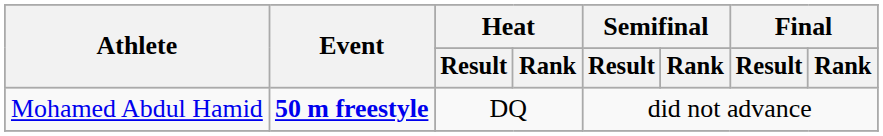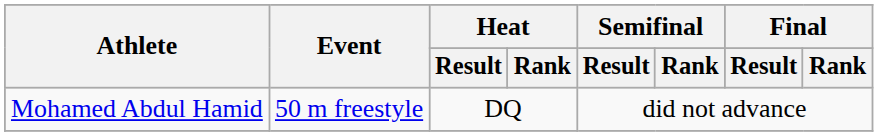 <table class="wikitable" style="font-size:90%">
 <tr>
 <th rowspan="2">Athlete</th>
 <th rowspan="2">Event</th>
 <th colspan="2">Heat</th>
 <th colspan="2">Semifinal</th>
 <th colspan="2">Final</th>
 </tr>
 <tr style="font-size:95%">
 <th>Result</th>
 <th>Rank</th>
 <th>Result</th>
 <th>Rank</th>
 <th>Result</th>
 <th>Rank</th>
 </tr>
 <tr align=center>
 <td align=left><a href='#'>Mohamed Abdul Hamid</a></td>
-<td align=left><strong><a href='#'>50 m freestyle</a></strong></td>
+<td align=left><a href='#'>50 m freestyle</a></td>
 <td colspan=2>DQ</td>
 <td colspan=6>did not advance</td>
 </tr>
 </table>
